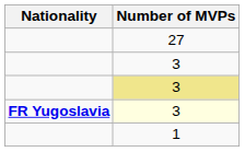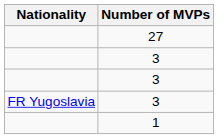 <table class="wikitable sortable">
 <tr>
 <th colspan=1>Nationality</th>
 <th colspan=1>Number of MVPs</th>
 </tr>
 <tr>
 <td></td>
 <td align="center">27</td>
 </tr>
 <tr>
 <td></td>
 <td align="center">3</td>
 </tr>
 <tr>
 <td></td>
-<td align="center" style="background: khaki;">3</td>
+<td align="center">3</td>
 </tr>
 <tr>
-<td><strong> <a href='#'>FR Yugoslavia</a></strong></td>
-<td align="center" style="background: lightyellow;">3</td>
+<td> <a href='#'>FR Yugoslavia</a></td>
+<td align="center">3</td>
 </tr>
 <tr>
 <td></td>
 <td align="center">1</td>
 </tr>
 </table>
